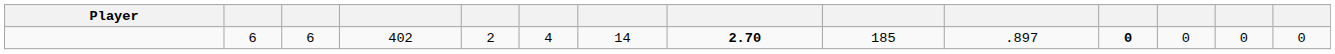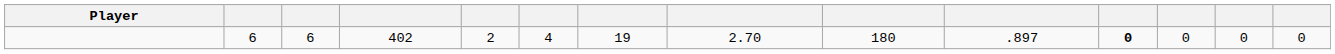 <table class="wikitable sortable" style="width:100%;">
 <tr style="text-align:center; background:#ddd;">
 <th>Player</th>
 <th></th>
 <th></th>
 <th></th>
 <th></th>
 <th></th>
 <th></th>
 <th></th>
 <th></th>
 <th></th>
 <th></th>
 <th></th>
 <th></th>
 <th></th>
 </tr>
 <tr align=center>
 <td style=white-space:nowrap></td>
 <td>6</td>
 <td>6</td>
 <td>402</td>
 <td>2</td>
 <td>4</td>
-<td>14</td>
-<td><strong>2.70</strong></td>
-<td>185</td>
+<td>19</td>
+<td>2.70</td>
+<td>180</td>
 <td>.897</td>
 <td><strong>0</strong></td>
 <td>0</td>
 <td>0</td>
 <td>0</td>
 </tr>
 </table>
